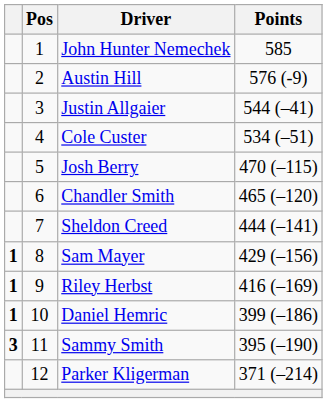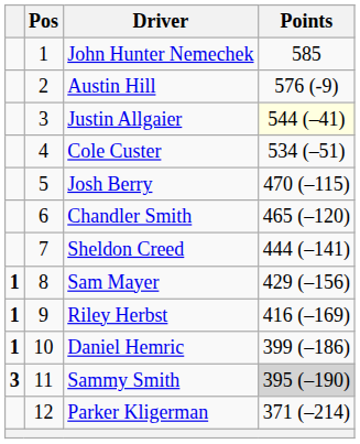 <table class="wikitable" style="font-size: 95%;">
 <tr>
 <th></th>
 <th>Pos</th>
 <th>Driver</th>
 <th>Points</th>
 </tr>
 <tr>
 <td align="left"></td>
 <td style="text-align:center;">1</td>
 <td><a href='#'>John Hunter Nemechek</a></td>
 <td style="text-align:center;">585</td>
 </tr>
 <tr>
 <td align="left"></td>
 <td style="text-align:center;">2</td>
 <td><a href='#'>Austin Hill</a></td>
 <td style="text-align:center;">576 (-9)</td>
 </tr>
 <tr>
 <td align="left"></td>
 <td style="text-align:center;">3</td>
 <td><a href='#'>Justin Allgaier</a></td>
-<td style="text-align:center;">544 (–41)</td>
+<td style="background: lightyellow; text-align:center;">544 (–41)</td>
 </tr>
 <tr>
 <td align="left"></td>
 <td style="text-align:center;">4</td>
 <td><a href='#'>Cole Custer</a></td>
 <td style="text-align:center;">534 (–51)</td>
 </tr>
 <tr>
 <td align="left"></td>
 <td style="text-align:center;">5</td>
 <td><a href='#'>Josh Berry</a></td>
 <td style="text-align:center;">470 (–115)</td>
 </tr>
 <tr>
 <td align="left"></td>
 <td style="text-align:center;">6</td>
 <td><a href='#'>Chandler Smith</a></td>
 <td style="text-align:center;">465 (–120)</td>
 </tr>
 <tr>
 <td align="left"></td>
 <td style="text-align:center;">7</td>
 <td><a href='#'>Sheldon Creed</a></td>
 <td style="text-align:center;">444 (–141)</td>
 </tr>
 <tr>
 <td align="left"> <strong>1</strong></td>
 <td style="text-align:center;">8</td>
 <td><a href='#'>Sam Mayer</a></td>
 <td style="text-align:center;">429 (–156)</td>
 </tr>
 <tr>
 <td align="left"> <strong>1</strong></td>
 <td style="text-align:center;">9</td>
 <td><a href='#'>Riley Herbst</a></td>
 <td style="text-align:center;">416 (–169)</td>
 </tr>
 <tr>
 <td align="left"> <strong>1</strong></td>
 <td style="text-align:center;">10</td>
 <td><a href='#'>Daniel Hemric</a></td>
 <td style="text-align:center;">399 (–186)</td>
 </tr>
 <tr>
 <td align="left"> <strong>3</strong></td>
 <td style="text-align:center;">11</td>
 <td><a href='#'>Sammy Smith</a></td>
-<td style="text-align:center;">395 (–190)</td>
+<td style="background: lightgrey; text-align:center;">395 (–190)</td>
 </tr>
 <tr>
 <td align="left"></td>
 <td style="text-align:center;">12</td>
 <td><a href='#'>Parker Kligerman</a></td>
 <td style="text-align:center;">371 (–214)</td>
 </tr>
 <tr class="sortbottom">
 <th colspan="9"></th>
 </tr>
 </table>
